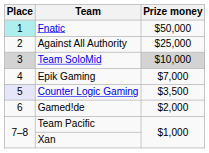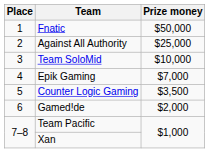 <table class="wikitable" style="text-align:center">
 <tr>
 <th>Place</th>
 <th>Team</th>
 <th>Prize money</th>
 </tr>
 <tr>
-<td style="background: paleturquoise;">1</td>
+<td>1</td>
 <td style="text-align:left;"><a href='#'>Fnatic</a></td>
 <td>$50,000</td>
 </tr>
 <tr>
 <td>2</td>
 <td style="text-align:left;">Against All Authority</td>
 <td>$25,000</td>
 </tr>
 <tr>
-<td style="background: lightgrey;">3</td>
+<td>3</td>
 <td style="text-align:left;"><a href='#'>Team SoloMid</a></td>
-<td style="background: lightgrey;">$10,000</td>
+<td>$10,000</td>
 </tr>
 <tr>
 <td>4</td>
 <td style="text-align:left;">Epik Gaming</td>
 <td>$7,000</td>
 </tr>
 <tr>
-<td style="background: lavender;">5</td>
+<td>5</td>
 <td style="text-align:left;"><a href='#'>Counter Logic Gaming</a></td>
 <td>$3,500</td>
 </tr>
 <tr>
 <td>6</td>
 <td style="text-align:left;">Gamed!de</td>
 <td>$2,000</td>
 </tr>
 <tr>
 <td rowspan="2">7–8</td>
 <td style="text-align:left;">Team Pacific</td>
 <td rowspan="2">$1,000</td>
 </tr>
 <tr>
 <td style="text-align:left;">Xan</td>
 </tr>
 </table>
